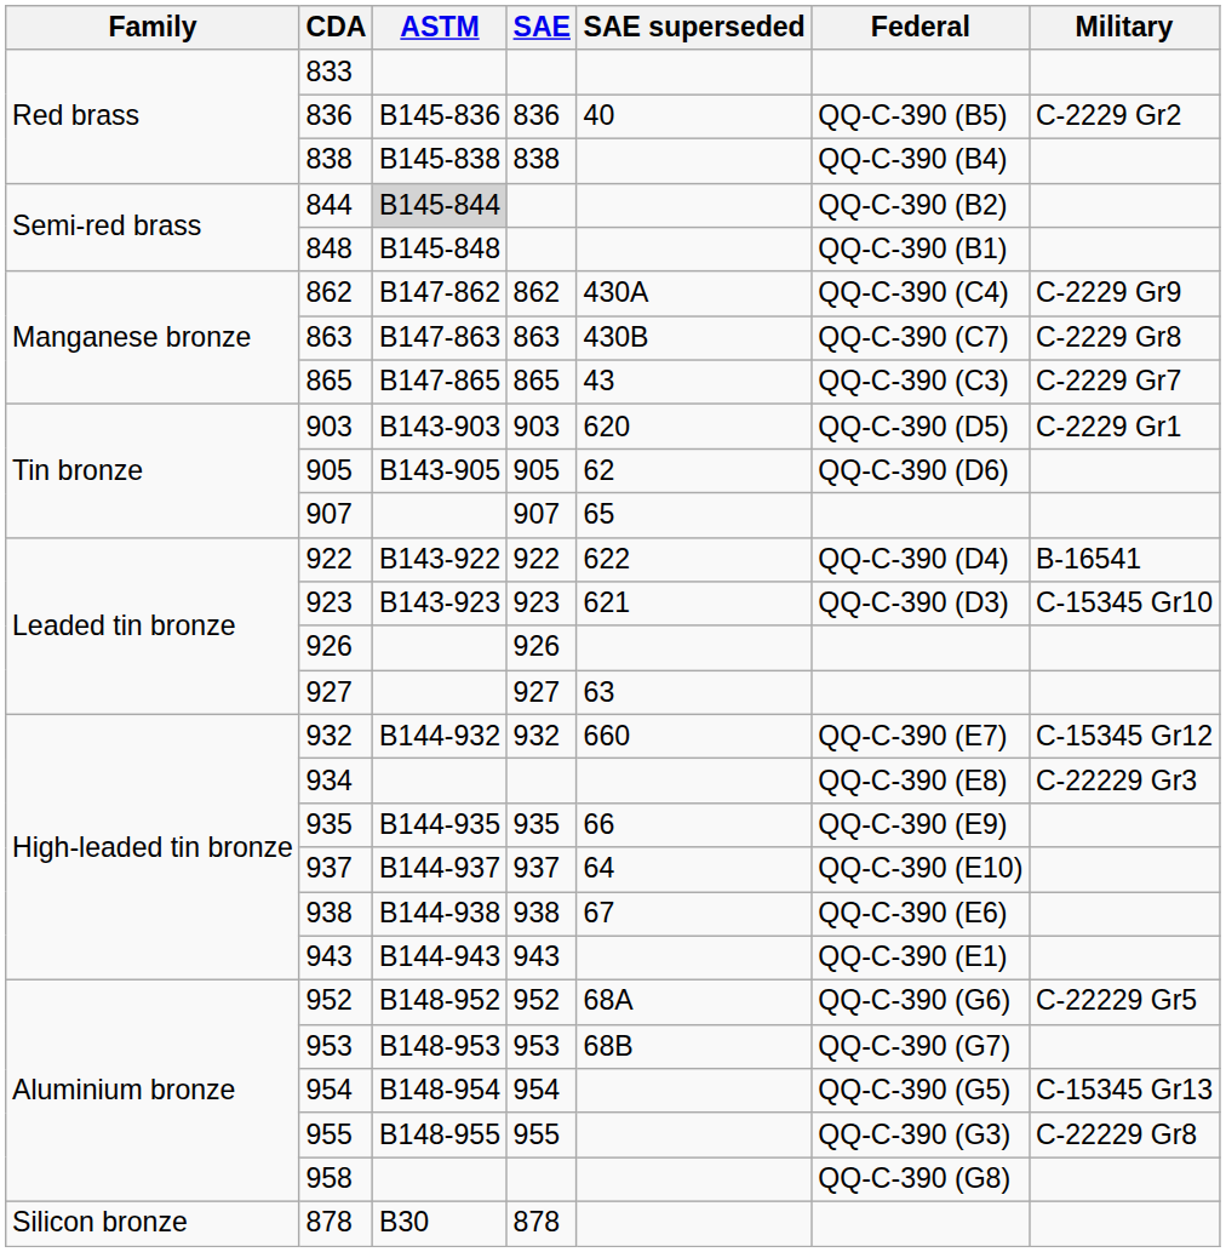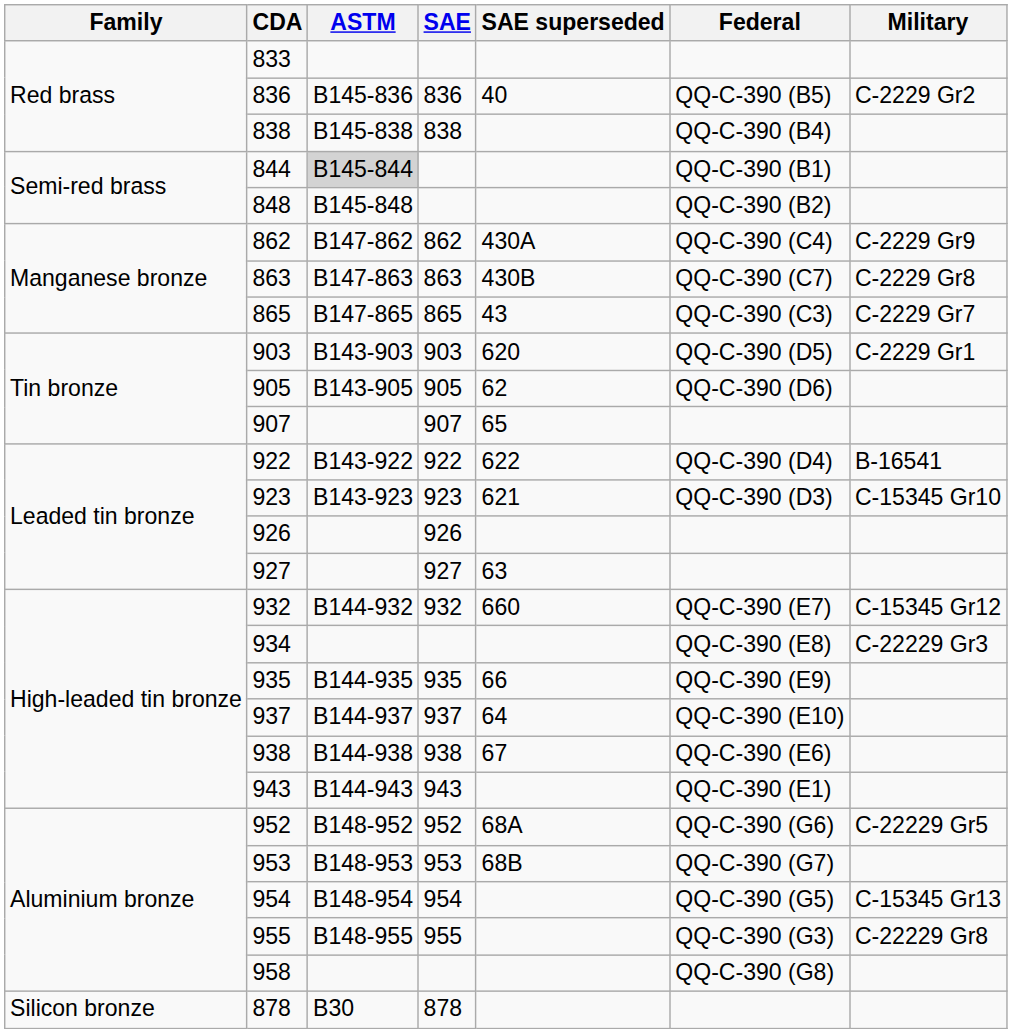 <table class="wikitable">
 <tr>
 <th>Family</th>
 <th>CDA</th>
 <th><a href='#'>ASTM</a></th>
 <th><a href='#'>SAE</a></th>
 <th>SAE superseded</th>
 <th>Federal</th>
 <th>Military</th>
 </tr>
 <tr>
 <td rowspan=3>Red brass</td>
 <td>833</td>
 <td></td>
 <td></td>
 <td></td>
 <td></td>
 <td></td>
 </tr>
 <tr>
 <td>836</td>
 <td>B145-836</td>
 <td>836</td>
 <td>40</td>
 <td>QQ-C-390 (B5)</td>
 <td>C-2229 Gr2</td>
 </tr>
 <tr>
 <td>838</td>
 <td>B145-838</td>
 <td>838</td>
 <td></td>
 <td>QQ-C-390 (B4)</td>
 <td></td>
 </tr>
 <tr>
 <td rowspan=2>Semi-red brass</td>
 <td>844</td>
 <td style="background: lightgrey;">B145-844</td>
 <td></td>
 <td></td>
-<td>QQ-C-390 (B2)</td>
+<td>QQ-C-390 (B1)</td>
 <td></td>
 </tr>
 <tr>
 <td>848</td>
 <td>B145-848</td>
 <td></td>
 <td></td>
-<td>QQ-C-390 (B1)</td>
+<td>QQ-C-390 (B2)</td>
 <td></td>
 </tr>
 <tr>
 <td rowspan=3>Manganese bronze</td>
 <td>862</td>
 <td>B147-862</td>
 <td>862</td>
 <td>430A</td>
 <td>QQ-C-390 (C4)</td>
 <td>C-2229 Gr9</td>
 </tr>
 <tr>
 <td>863</td>
 <td>B147-863</td>
 <td>863</td>
 <td>430B</td>
 <td>QQ-C-390 (C7)</td>
 <td>C-2229 Gr8</td>
 </tr>
 <tr>
 <td>865</td>
 <td>B147-865</td>
 <td>865</td>
 <td>43</td>
 <td>QQ-C-390 (C3)</td>
 <td>C-2229 Gr7</td>
 </tr>
 <tr>
 <td rowspan=3>Tin bronze</td>
 <td>903</td>
 <td>B143-903</td>
 <td>903</td>
 <td>620</td>
 <td>QQ-C-390 (D5)</td>
 <td>C-2229 Gr1</td>
 </tr>
 <tr>
 <td>905</td>
 <td>B143-905</td>
 <td>905</td>
 <td>62</td>
 <td>QQ-C-390 (D6)</td>
 <td></td>
 </tr>
 <tr>
 <td>907</td>
 <td></td>
 <td>907</td>
 <td>65</td>
 <td></td>
 <td></td>
 </tr>
 <tr>
 <td rowspan=4>Leaded tin bronze</td>
 <td>922</td>
 <td>B143-922</td>
 <td>922</td>
 <td>622</td>
 <td>QQ-C-390 (D4)</td>
 <td>B-16541</td>
 </tr>
 <tr>
 <td>923</td>
 <td>B143-923</td>
 <td>923</td>
 <td>621</td>
 <td>QQ-C-390 (D3)</td>
 <td>C-15345 Gr10</td>
 </tr>
 <tr>
 <td>926</td>
 <td></td>
 <td>926</td>
 <td></td>
 <td></td>
 <td></td>
 </tr>
 <tr>
 <td>927</td>
 <td></td>
 <td>927</td>
 <td>63</td>
 <td></td>
 <td></td>
 </tr>
 <tr>
 <td rowspan=6>High-leaded tin bronze</td>
 <td>932</td>
 <td>B144-932</td>
 <td>932</td>
 <td>660</td>
 <td>QQ-C-390 (E7)</td>
 <td>C-15345 Gr12</td>
 </tr>
 <tr>
 <td>934</td>
 <td></td>
 <td></td>
 <td></td>
 <td>QQ-C-390 (E8)</td>
 <td>C-22229 Gr3</td>
 </tr>
 <tr>
 <td>935</td>
 <td>B144-935</td>
 <td>935</td>
 <td>66</td>
 <td>QQ-C-390 (E9)</td>
 <td></td>
 </tr>
 <tr>
 <td>937</td>
 <td>B144-937</td>
 <td>937</td>
 <td>64</td>
 <td>QQ-C-390 (E10)</td>
 <td></td>
 </tr>
 <tr>
 <td>938</td>
 <td>B144-938</td>
 <td>938</td>
 <td>67</td>
 <td>QQ-C-390 (E6)</td>
 <td></td>
 </tr>
 <tr>
 <td>943</td>
 <td>B144-943</td>
 <td>943</td>
 <td></td>
 <td>QQ-C-390 (E1)</td>
 <td></td>
 </tr>
 <tr>
 <td rowspan=5>Aluminium bronze</td>
 <td>952</td>
 <td>B148-952</td>
 <td>952</td>
 <td>68A</td>
 <td>QQ-C-390 (G6)</td>
 <td>C-22229 Gr5</td>
 </tr>
 <tr>
 <td>953</td>
 <td>B148-953</td>
 <td>953</td>
 <td>68B</td>
 <td>QQ-C-390 (G7)</td>
 <td></td>
 </tr>
 <tr>
 <td>954</td>
 <td>B148-954</td>
 <td>954</td>
 <td></td>
 <td>QQ-C-390 (G5)</td>
 <td>C-15345 Gr13</td>
 </tr>
 <tr>
 <td>955</td>
 <td>B148-955</td>
 <td>955</td>
 <td></td>
 <td>QQ-C-390 (G3)</td>
 <td>C-22229 Gr8</td>
 </tr>
 <tr>
 <td>958</td>
 <td></td>
 <td></td>
 <td></td>
 <td>QQ-C-390 (G8)</td>
 <td></td>
 </tr>
 <tr>
 <td>Silicon bronze</td>
 <td>878</td>
 <td>B30</td>
 <td>878</td>
 <td></td>
 <td></td>
 <td></td>
 </tr>
 </table>
